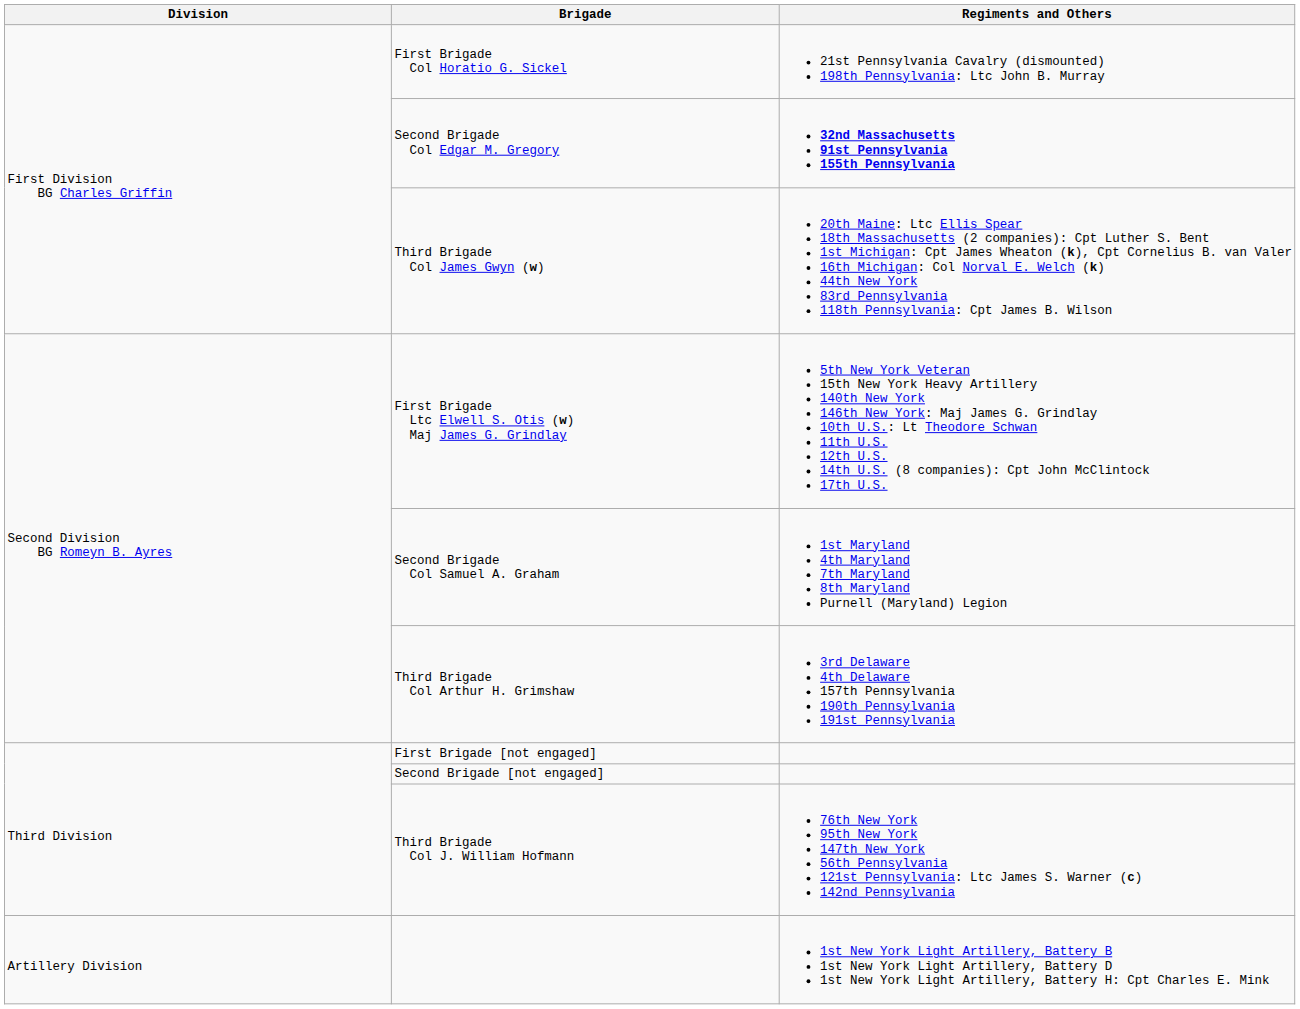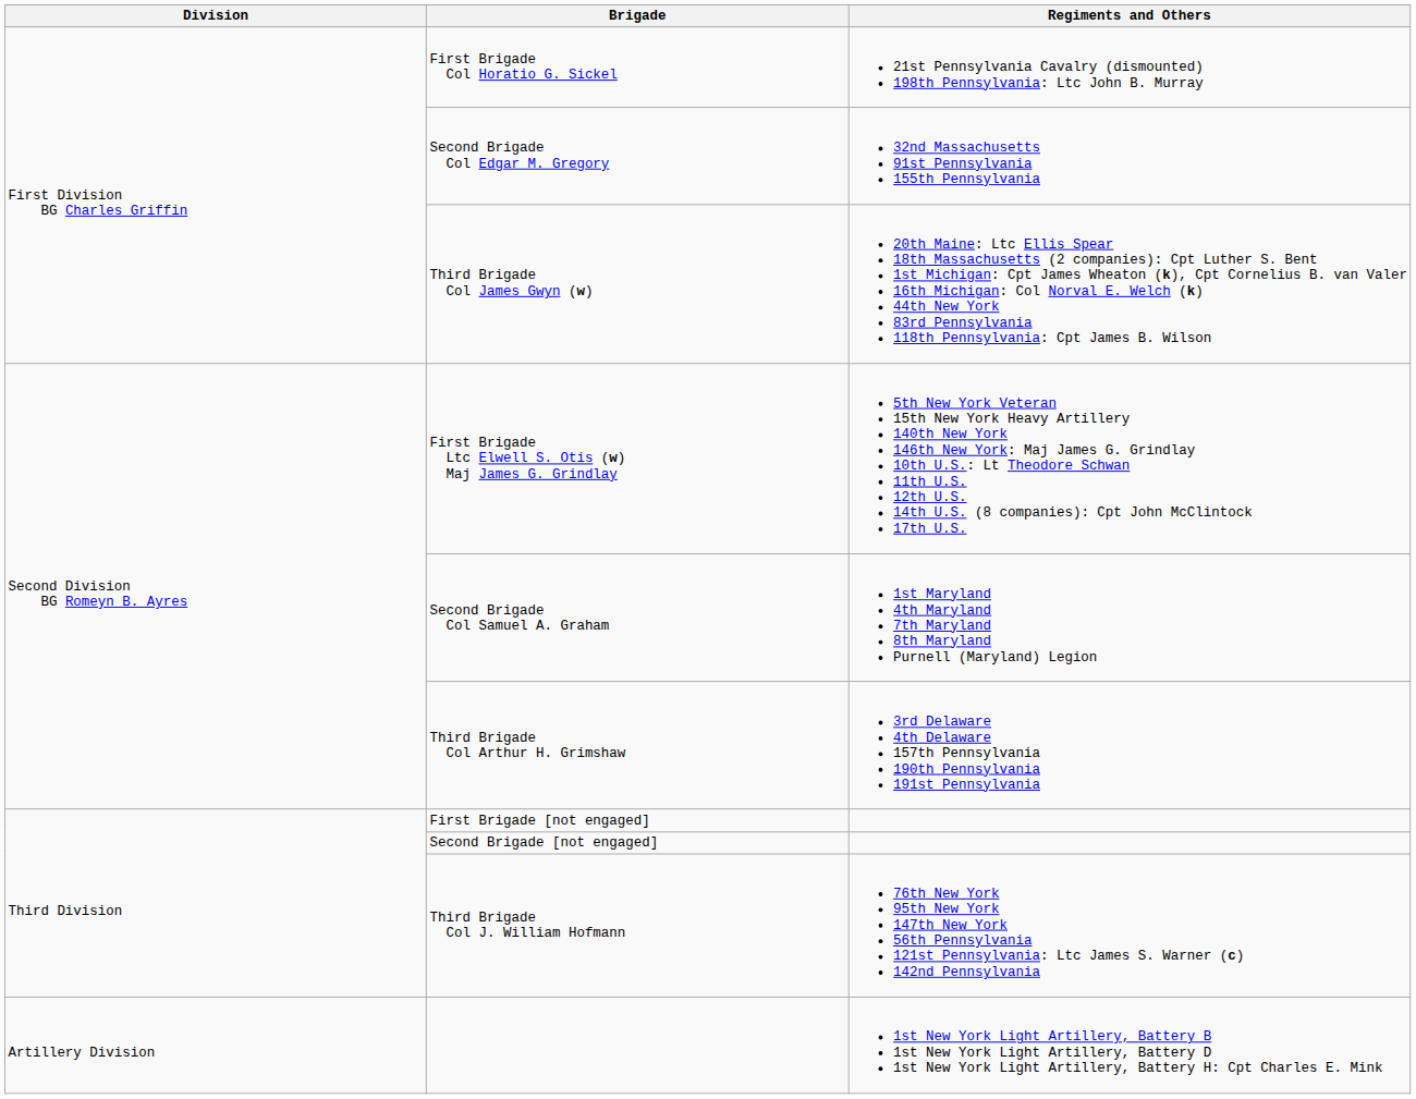 <table class="wikitable">
 <tr>
 <th width=30%>Division</th>
 <th width=30%>Brigade</th>
 <th>Regiments and Others</th>
 </tr>
 <tr>
 <td rowspan = 3><br>First Division <br>    BG <a href='#'>Charles Griffin</a></td>
 <td>First Brigade<br>  Col <a href='#'>Horatio G. Sickel</a></td>
 <td><br><ul><li>21st Pennsylvania Cavalry (dismounted)</li><li><a href='#'>198th Pennsylvania</a>: Ltc John B. Murray</li></ul></td>
 </tr>
 <tr>
 <td>Second Brigade<br>  Col <a href='#'>Edgar M. Gregory</a></td>
-<td><strong><br><ul><li><a href='#'>32nd Massachusetts</a></li><li><a href='#'>91st Pennsylvania</a></li><li><a href='#'>155th Pennsylvania</a></li></ul></strong></td>
+<td><br><ul><li><a href='#'>32nd Massachusetts</a></li><li><a href='#'>91st Pennsylvania</a></li><li><a href='#'>155th Pennsylvania</a></li></ul></td>
 </tr>
 <tr>
 <td>Third Brigade<br>  Col <a href='#'>James Gwyn</a> (<strong>w</strong>)</td>
 <td><br><ul><li><a href='#'>20th Maine</a>: Ltc <a href='#'>Ellis Spear</a></li><li><a href='#'>18th Massachusetts</a> (2 companies): Cpt Luther S. Bent</li><li><a href='#'>1st Michigan</a>: Cpt James Wheaton (<strong>k</strong>), Cpt Cornelius B. van Valer</li><li><a href='#'>16th Michigan</a>: Col <a href='#'>Norval E. Welch</a> (<strong>k</strong>)</li><li><a href='#'>44th New York</a></li><li><a href='#'>83rd Pennsylvania</a></li><li><a href='#'>118th Pennsylvania</a>: Cpt James B. Wilson</li></ul></td>
 </tr>
 <tr>
 <td rowspan = 3><br>Second Division <br>    BG <a href='#'>Romeyn B. Ayres</a></td>
 <td>First Brigade<br>  Ltc <a href='#'>Elwell S. Otis</a> (<strong>w</strong>) <br>  Maj <a href='#'>James G. Grindlay</a></td>
 <td><br><ul><li><a href='#'>5th New York Veteran</a></li><li>15th New York Heavy Artillery</li><li><a href='#'>140th New York</a></li><li><a href='#'>146th New York</a>: Maj James G. Grindlay</li><li><a href='#'>10th U.S.</a>: Lt <a href='#'>Theodore Schwan</a></li><li><a href='#'>11th U.S.</a></li><li><a href='#'>12th U.S.</a></li><li><a href='#'>14th U.S.</a> (8 companies): Cpt John McClintock</li><li><a href='#'>17th U.S.</a></li></ul></td>
 </tr>
 <tr>
 <td>Second Brigade<br>  Col Samuel A. Graham</td>
 <td><br><ul><li><a href='#'>1st Maryland</a></li><li><a href='#'>4th Maryland</a></li><li><a href='#'>7th Maryland</a></li><li><a href='#'>8th Maryland</a></li><li>Purnell (Maryland) Legion</li></ul></td>
 </tr>
 <tr>
 <td>Third Brigade<br>  Col Arthur H. Grimshaw</td>
 <td><br><ul><li><a href='#'>3rd Delaware</a></li><li><a href='#'>4th Delaware</a></li><li>157th Pennsylvania</li><li><a href='#'>190th Pennsylvania</a></li><li><a href='#'>191st Pennsylvania</a></li></ul></td>
 </tr>
 <tr>
 <td rowspan = 3><br>Third Division</td>
 <td>First Brigade [not engaged]</td>
 <td></td>
 </tr>
 <tr>
 <td>Second Brigade [not engaged]</td>
 <td></td>
 </tr>
 <tr>
 <td>Third Brigade<br>  Col J. William Hofmann</td>
 <td><br><ul><li><a href='#'>76th New York</a></li><li><a href='#'>95th New York</a></li><li><a href='#'>147th New York</a></li><li><a href='#'>56th Pennsylvania</a></li><li><a href='#'>121st Pennsylvania</a>: Ltc James S. Warner (<strong>c</strong>)</li><li><a href='#'>142nd Pennsylvania</a></li></ul></td>
 </tr>
 <tr>
 <td rowspan = 1><br>Artillery Division</td>
 <td></td>
 <td><br><ul><li><a href='#'>1st New York Light Artillery, Battery B</a></li><li>1st New York Light Artillery, Battery D</li><li>1st New York Light Artillery, Battery H: Cpt Charles E. Mink</li></ul></td>
 </tr>
 </table>
